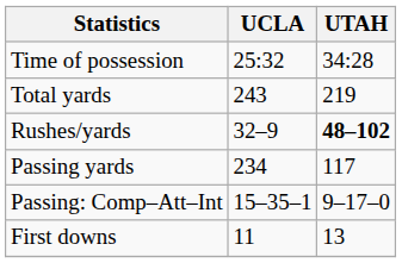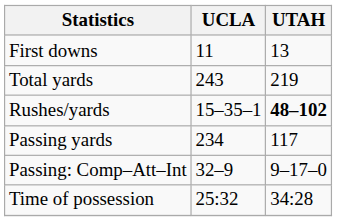 <table class="wikitable" style="float: left;">
 <tr>
 <th>Statistics</th>
 <th>UCLA</th>
 <th>UTAH</th>
 </tr>
 <tr>
-<td>Time of possession</td>
-<td>25:32</td>
-<td>34:28</td>
+<td>First downs</td>
+<td>11</td>
+<td>13</td>
 </tr>
 <tr>
 <td>Total yards</td>
 <td>243</td>
 <td>219</td>
 </tr>
 <tr>
 <td>Rushes/yards</td>
-<td>32–9</td>
+<td>15–35–1</td>
 <td><strong>48–102</strong></td>
 </tr>
 <tr>
 <td>Passing yards</td>
 <td>234</td>
 <td>117</td>
 </tr>
 <tr>
 <td>Passing: Comp–Att–Int</td>
-<td>15–35–1</td>
+<td>32–9</td>
 <td>9–17–0</td>
 </tr>
 <tr>
-<td>First downs</td>
-<td>11</td>
-<td>13</td>
+<td>Time of possession</td>
+<td>25:32</td>
+<td>34:28</td>
 </tr>
 <tr>
 </tr>
 </table>
